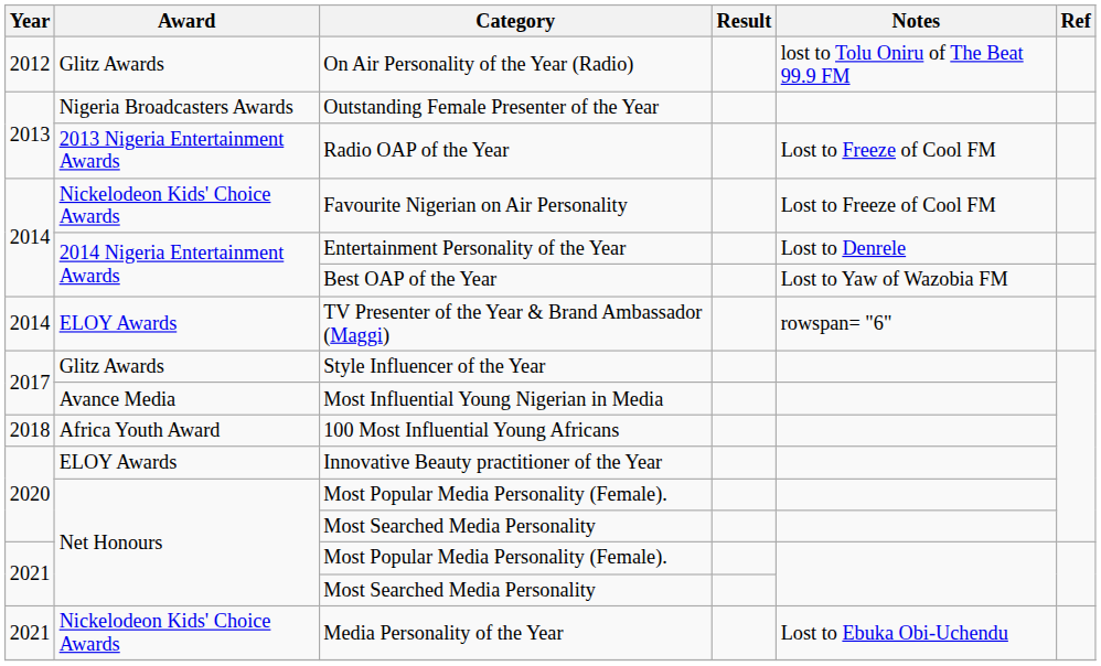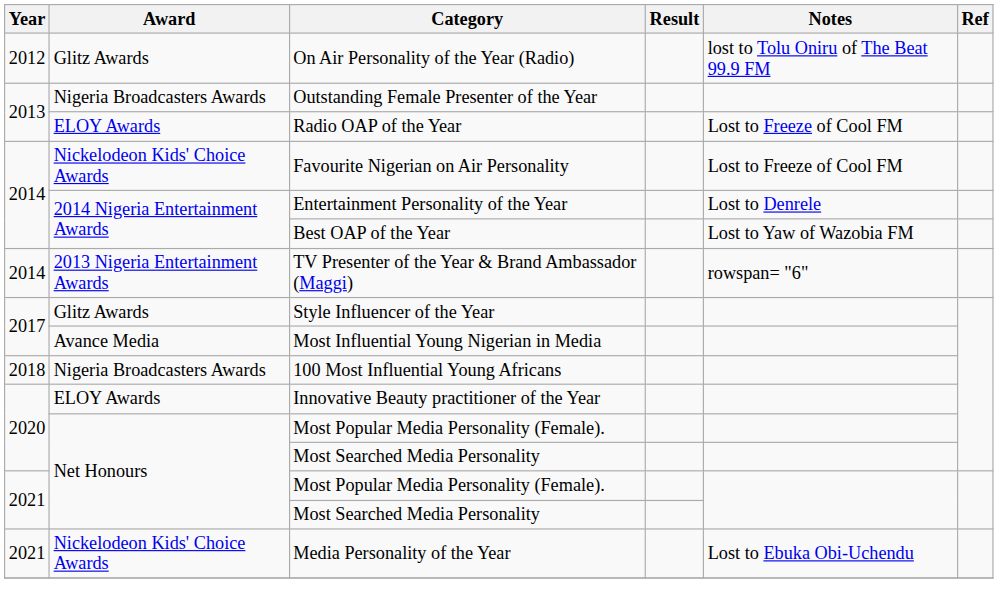 <table class="wikitable plainrowheaders sortable">
 <tr>
 <th>Year</th>
 <th>Award</th>
 <th>Category</th>
 <th>Result</th>
 <th>Notes</th>
 <th>Ref</th>
 </tr>
 <tr>
 <td rowspan="1">2012</td>
 <td>Glitz Awards</td>
 <td>On Air Personality of the Year (Radio)</td>
 <td></td>
 <td>lost to <a href='#'>Tolu Oniru</a> of <a href='#'>The Beat 99.9 FM</a></td>
 <td></td>
 </tr>
 <tr>
 <td rowspan="2">2013</td>
 <td>Nigeria Broadcasters Awards</td>
 <td>Outstanding Female Presenter of the Year</td>
 <td></td>
 <td></td>
 <td></td>
 </tr>
 <tr>
-<td><a href='#'>2013 Nigeria Entertainment Awards</a></td>
+<td><a href='#'>ELOY Awards</a></td>
 <td>Radio OAP of the Year</td>
 <td></td>
 <td>Lost to <a href='#'>Freeze</a> of Cool FM</td>
 <td></td>
 </tr>
 <tr>
 <td rowspan="3">2014</td>
 <td><a href='#'>Nickelodeon Kids' Choice Awards</a></td>
 <td>Favourite Nigerian on Air Personality</td>
 <td></td>
 <td>Lost to Freeze of Cool FM</td>
 <td></td>
 </tr>
 <tr>
 <td rowspan="2"><a href='#'>2014 Nigeria Entertainment Awards</a></td>
 <td>Entertainment Personality of the Year</td>
 <td></td>
 <td>Lost to <a href='#'>Denrele</a></td>
 <td></td>
 </tr>
 <tr>
 <td>Best OAP of the Year</td>
 <td></td>
 <td>Lost to Yaw of Wazobia FM</td>
 <td></td>
 </tr>
 <tr>
 <td>2014</td>
-<td><a href='#'>ELOY Awards</a></td>
+<td><a href='#'>2013 Nigeria Entertainment Awards</a></td>
 <td>TV Presenter of the Year & Brand Ambassador (<a href='#'>Maggi</a>)</td>
 <td></td>
 <td>rowspan= "6" </td>
 <td></td>
 </tr>
 <tr>
 <td rowspan="2">2017</td>
 <td>Glitz Awards</td>
 <td>Style Influencer of the Year</td>
 <td></td>
 <td></td>
 </tr>
 <tr>
 <td>Avance Media</td>
 <td>Most Influential Young Nigerian in Media</td>
 <td></td>
 <td></td>
 </tr>
 <tr>
 <td>2018</td>
-<td>Africa Youth Award</td>
+<td>Nigeria Broadcasters Awards</td>
 <td>100 Most Influential Young Africans</td>
 <td></td>
 <td></td>
 </tr>
 <tr>
 <td rowspan="3">2020</td>
 <td>ELOY Awards</td>
 <td>Innovative Beauty practitioner of the Year</td>
 <td></td>
 <td></td>
 </tr>
 <tr>
 <td rowspan="4">Net Honours</td>
 <td>Most Popular Media Personality (Female).</td>
 <td></td>
 <td></td>
 </tr>
 <tr>
 <td>Most Searched Media Personality</td>
 <td></td>
 <td></td>
 </tr>
 <tr>
 <td rowspan="2">2021</td>
 <td>Most Popular Media Personality (Female).</td>
 <td></td>
 <td rowspan="2"></td>
 <td rowspan="2"></td>
 </tr>
 <tr>
 <td Most Searched Media Personality>Most Searched Media Personality</td>
 <td></td>
 </tr>
 <tr>
 <td>2021</td>
 <td><a href='#'>Nickelodeon Kids' Choice Awards</a></td>
 <td>Media Personality of the Year</td>
 <td></td>
 <td>Lost to <a href='#'>Ebuka Obi-Uchendu</a></td>
 <td></td>
 </tr>
 <tr>
 </tr>
 </table>
